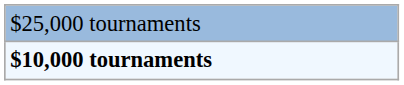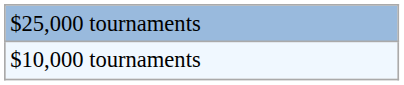 <table class="wikitable" style="font-size:85%;" width=15%>
 <tr bgcolor="#99BADD">
 <td>$25,000 tournaments</td>
 </tr>
 <tr bgcolor="#f0f8ff">
-<td><strong>$10,000 tournaments</strong></td>
+<td>$10,000 tournaments</td>
 </tr>
 </table>
